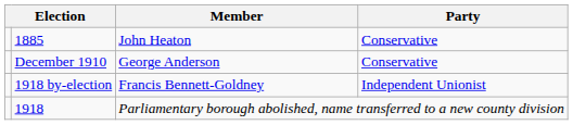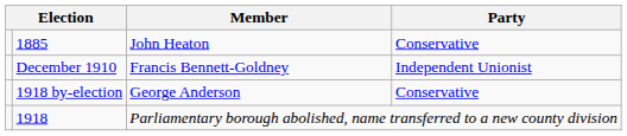 <table class="wikitable">
 <tr>
 <th colspan="2">Election</th>
 <th>Member</th>
 <th>Party</th>
 </tr>
 <tr>
 <td style="color:inherit;background-color: "></td>
 <td><a href='#'>1885</a></td>
 <td><a href='#'>John Heaton</a></td>
 <td><a href='#'>Conservative</a></td>
 </tr>
 <tr>
 <td style="color:inherit;background-color: "></td>
 <td><a href='#'>December 1910</a></td>
-<td><a href='#'>George Anderson</a></td>
-<td><a href='#'>Conservative</a></td>
+<td><a href='#'>Francis Bennett-Goldney</a></td>
+<td><a href='#'>Independent Unionist</a></td>
 </tr>
 <tr>
 <td style="color:inherit;background-color: "></td>
 <td><a href='#'>1918 by-election</a></td>
-<td><a href='#'>Francis Bennett-Goldney</a></td>
-<td><a href='#'>Independent Unionist</a></td>
+<td><a href='#'>George Anderson</a></td>
+<td><a href='#'>Conservative</a></td>
 </tr>
 <tr>
 <td></td>
 <td><a href='#'>1918</a></td>
 <td colspan="2"><em>Parliamentary borough abolished, name transferred to a new county division</em></td>
 </tr>
 </table>
